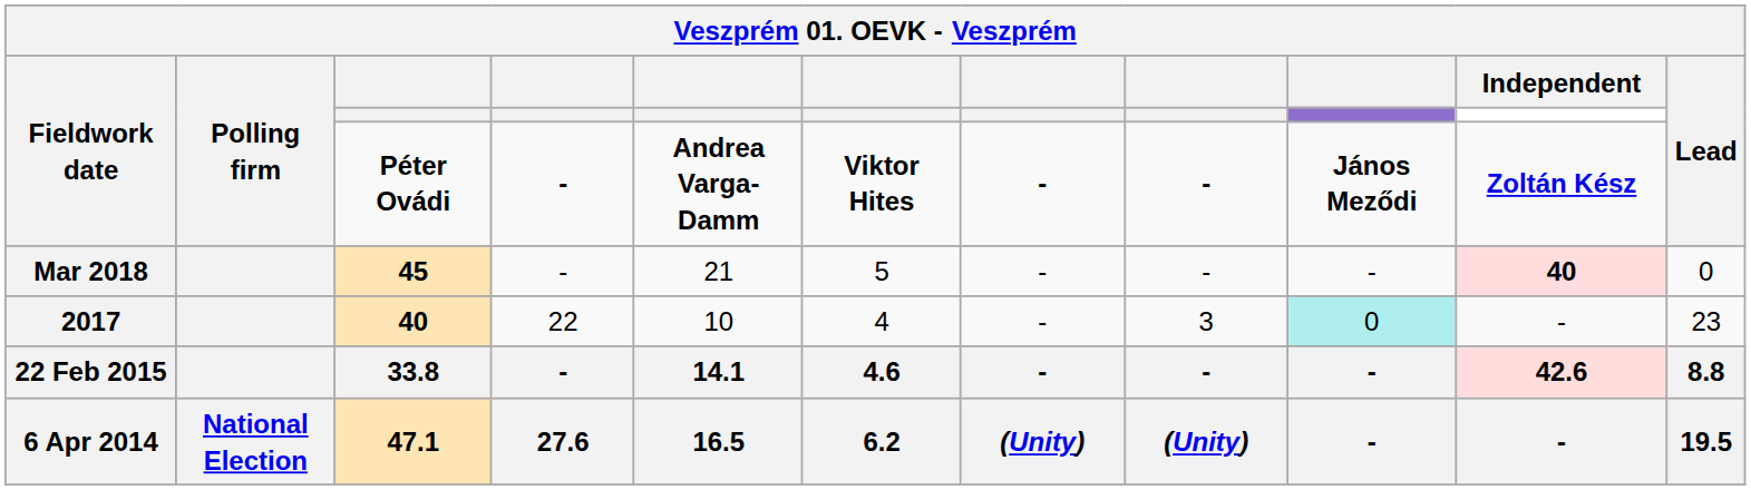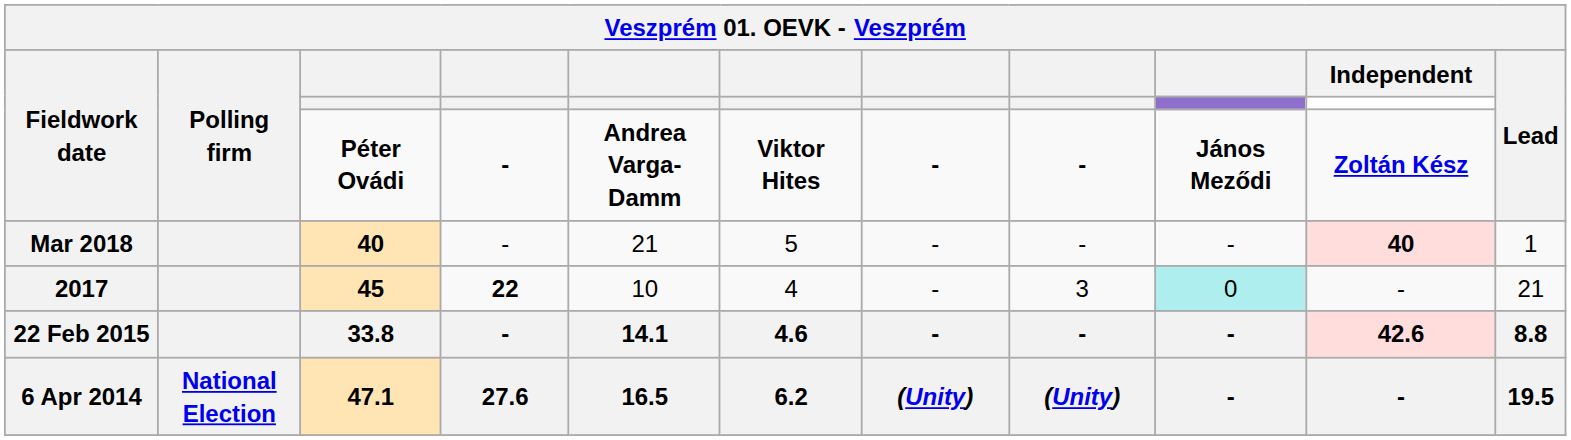 <table class="wikitable mw-collapsible mw-collapsed" style="text-align:center">
 <tr>
 <th colspan="11" style="width: 980pt;"><small><a href='#'>Veszprém</a> 01. OEVK -</small> <small><a href='#'>Veszprém</a></small></th>
 </tr>
 <tr>
 <th rowspan="3" style="width: 80pt;"><small>Fieldwork</small> <small>date</small></th>
 <th rowspan="3" style="width: 80pt;"><strong><small>Polling</small> <small>firm</small></strong></th>
 <th style="width: 100pt;"><small></small></th>
 <th style="width: 100pt;"><small> </small></th>
 <th style="width: 100pt;"></th>
 <th style="width: 100pt;"></th>
 <th style="width: 100pt;"></th>
 <th style="width: 100pt;"></th>
 <th style="width: 100pt;"></th>
 <th style="width: 100pt;"><small>Independent</small></th>
 <th rowspan="3" style="width: 20pt;"><small>Lead</small></th>
 </tr>
 <tr>
 <th style="color:inherit;background:"></th>
 <th style="color:inherit;background:"></th>
 <th style="color:inherit;background:"></th>
 <th style="color:inherit;background:"></th>
 <th style="color:inherit;background:"></th>
 <th style="color:inherit;background:"></th>
 <th style="color:inherit;background:#8E6FCE;"></th>
 <th style="color:inherit;background:#FFFFFF;"></th>
 </tr>
 <tr>
 <td><strong><small>Péter Ovádi</small></strong></td>
 <td><strong><small>-</small></strong></td>
 <td><strong><small>Andrea</small></strong> <strong><small>Varga-Damm</small></strong></td>
 <td><strong><small>Viktor Hites</small></strong></td>
 <td><strong><small>-</small></strong></td>
 <td><strong><small>-</small></strong></td>
 <td><strong><small>János Meződi</small></strong></td>
 <td><a href='#'><strong><small>Zoltán Kész</small></strong></a></td>
 </tr>
 <tr>
 <th><small>Mar 2018</small></th>
 <th><small></small></th>
-<td style="background:#FFE5B4"><small><strong>45</strong></small></td>
+<td style="background:#FFE5B4"><strong><small>40</small></strong></td>
 <td><small>-</small></td>
 <td><small>21</small></td>
 <td><small>5</small></td>
 <td><small>-</small></td>
 <td><small>-</small></td>
 <td><small>-</small></td>
 <td style="background:#FFDDDD"><strong><small>40</small></strong></td>
-<td><small>0</small></td>
+<td><small>1</small></td>
 </tr>
 <tr>
 <th><small>2017</small></th>
 <th><small></small></th>
-<td style="background:#FFE5B4"><strong><small>40</small></strong></td>
-<td><small>22</small></td>
+<td style="background:#FFE5B4"><small><strong>45</strong></small></td>
+<td><strong><small>22</small></strong></td>
 <td><small>10</small></td>
 <td><small>4</small></td>
 <td><small>-</small></td>
 <td><small>3</small></td>
 <td style="background: paleturquoise;"><small>0</small></td>
 <td><small>-</small></td>
-<td style="background:"><small>23</small></td>
+<td style="background:"><small>21</small></td>
 </tr>
 <tr>
 <th><small>22 Feb 2015</small></th>
 <th><small></small></th>
 <th><small>33.8</small></th>
 <th><small>-</small></th>
 <th><small>14.1</small></th>
 <th><small>4.6</small></th>
 <th><small>-</small></th>
 <th><small>-</small></th>
 <th><small>-</small></th>
 <th style="background:#FFDDDD"><small>42.6</small></th>
 <th style="background:"><small>8.8</small></th>
 </tr>
 <tr>
 <th><small>6 Apr 2014</small></th>
 <th><a href='#'><small>National Election</small></a></th>
 <th style="background:#FFE5B4"><small>47.1</small></th>
 <th><small>27.6</small></th>
 <th><small>16.5</small></th>
 <th><small>6.2</small></th>
 <th><small><em>(<a href='#'>Unity</a>)</em></small></th>
 <th><small><em>(<a href='#'>Unity</a>)</em></small></th>
 <th><small>-</small></th>
 <th><small>-</small></th>
 <th style="background:"><small>19.5</small></th>
 </tr>
 </table>
